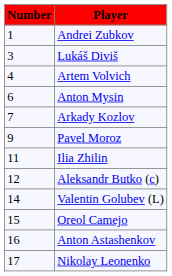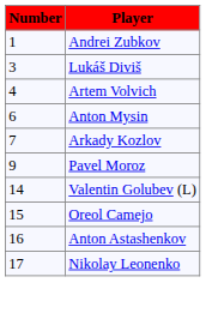 <table bgcolor="#f7f8ff" cellpadding="3" cellspacing="0" border="1" style="font-size: 95%; border: gray solid 1px; border-collapse: collapse;">
 <tr bgcolor="#ff0000">
 <td align=center><strong>Number</strong></td>
 <td align=center><strong>Player</strong></td>
 </tr>
 <tr align="left">
 <td>1</td>
 <td> <a href='#'>Andrei Zubkov</a></td>
 </tr>
 <tr align=left>
 <td>3</td>
 <td> <a href='#'>Lukáš Diviš</a></td>
 </tr>
 <tr align="left">
 <td>4</td>
 <td> <a href='#'>Artem Volvich</a></td>
 </tr>
 <tr align="left">
 <td>6</td>
 <td> <a href='#'>Anton Mysin</a></td>
 </tr>
 <tr align="left">
 <td>7</td>
 <td> <a href='#'>Arkady Kozlov</a></td>
 </tr>
 <tr align="left">
 <td>9</td>
 <td> <a href='#'>Pavel Moroz</a></td>
 </tr>
 <tr align="left">
-<td>11</td>
-<td> <a href='#'>Ilia Zhilin</a></td>
-</tr>
-<tr align="left">
-<td>12</td>
-<td> <a href='#'>Aleksandr Butko</a> (<a href='#'>c</a>)</td>
-</tr>
-<tr align="left">
 <td>14</td>
 <td> <a href='#'>Valentin Golubev</a> (L)</td>
 </tr>
 <tr align="left">
 <td>15</td>
 <td> <a href='#'>Oreol Camejo</a></td>
 </tr>
 <tr align="left">
 <td>16</td>
 <td> <a href='#'>Anton Astashenkov</a></td>
 </tr>
 <tr align="left">
 <td>17</td>
 <td> <a href='#'>Nikolay Leonenko</a></td>
 </tr>
 </table>
